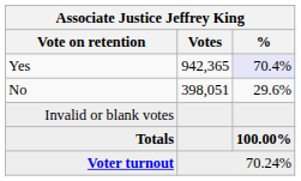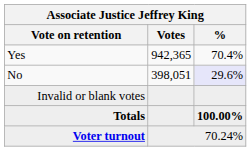 <table class="wikitable" style="font-size: 95%;">
 <tr style="background-color:#E9E9E9">
 <th colspan=7>Associate Justice Jeffrey King</th>
 </tr>
 <tr style="background-color:#E9E9E9">
 <th style="width: 170px">Vote on retention</th>
 <th style="width: 50px">Votes</th>
 <th style="width: 40px">%</th>
 </tr>
 <tr>
 <td>Yes</td>
 <td align="right">942,365</td>
-<td align="right" style="background: lavender;">70.4%</td>
+<td align="right">70.4%</td>
 </tr>
 <tr>
 <td>No</td>
 <td align="right">398,051</td>
-<td align="right">29.6%</td>
+<td align="right" style="background: lavender;">29.6%</td>
 </tr>
 <tr bgcolor="#EEEEEE">
 <td align="right">Invalid or blank votes</td>
 <td align="right"></td>
 <td align="right"></td>
 </tr>
 <tr bgcolor="#EEEEEE">
 <td align="right"><strong>Totals</strong></td>
 <td align="right"><strong></strong></td>
 <td align="right"><strong>100.00%</strong></td>
 </tr>
 <tr bgcolor="#EEEEEE">
 <td align="right"><strong><a href='#'>Voter turnout</a></strong></td>
 <td colspan="2" align="right">70.24%</td>
 </tr>
 </table>
